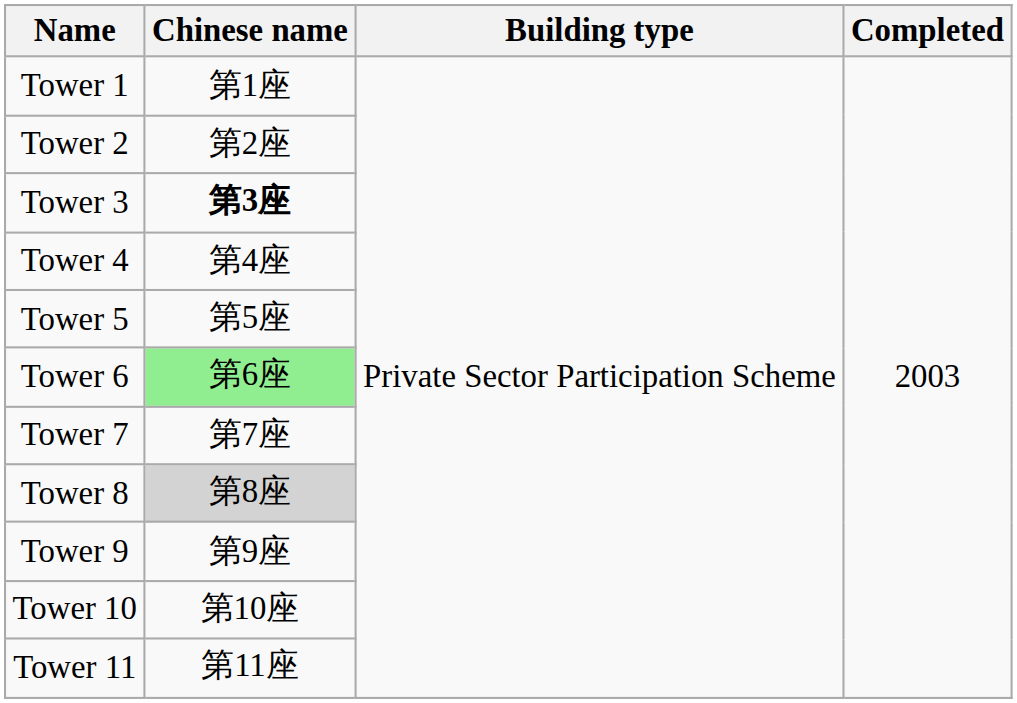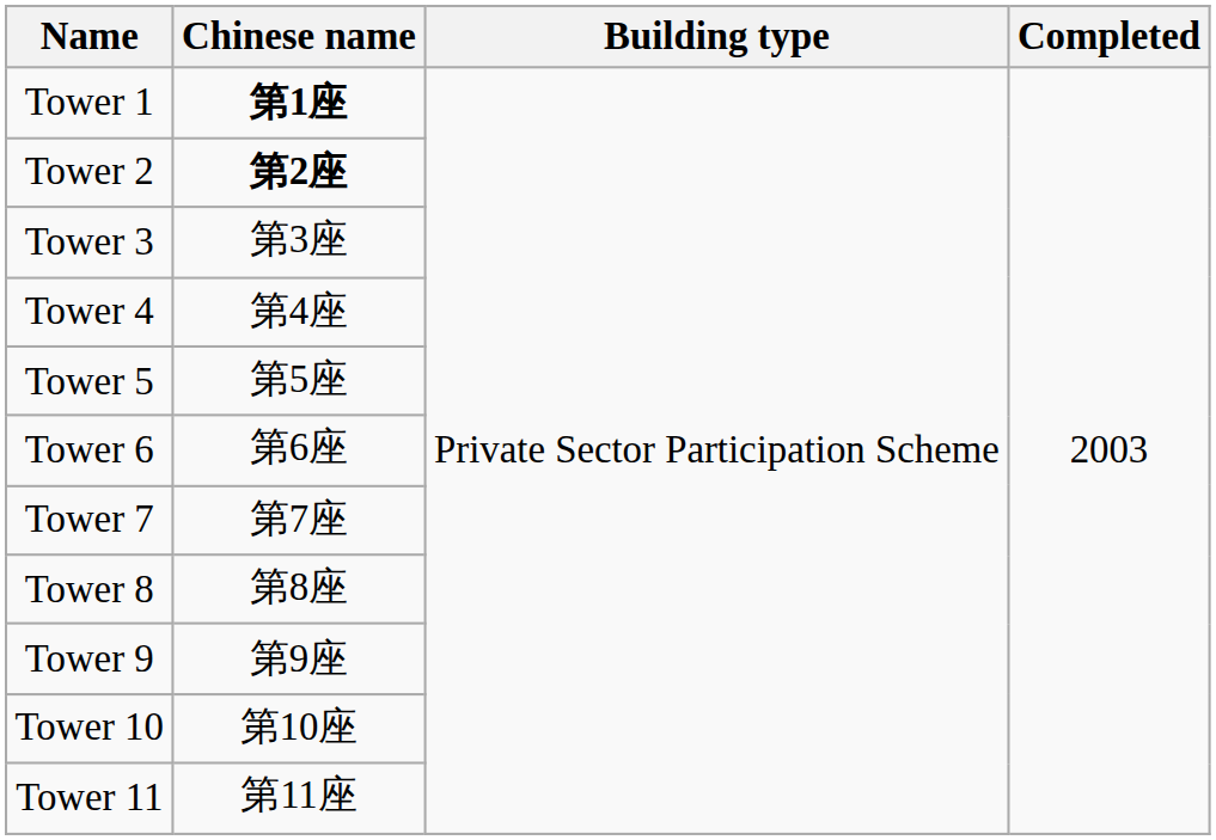 <table class="wikitable" style="text-align: center">
 <tr>
 <th>Name</th>
 <th>Chinese name</th>
 <th>Building type</th>
 <th>Completed</th>
 </tr>
 <tr>
 <td>Tower 1</td>
-<td>第1座</td>
+<td><strong>第1座</strong></td>
 <td rowspan="11">Private Sector Participation Scheme</td>
 <td rowspan="11">2003</td>
 </tr>
 <tr>
 <td>Tower 2</td>
-<td>第2座</td>
+<td><strong>第2座</strong></td>
 </tr>
 <tr>
 <td>Tower 3</td>
-<td><strong>第3座</strong></td>
+<td>第3座</td>
 </tr>
 <tr>
 <td>Tower 4</td>
 <td>第4座</td>
 </tr>
 <tr>
 <td>Tower 5</td>
 <td>第5座</td>
 </tr>
 <tr>
 <td>Tower 6</td>
-<td style="background: lightgreen;">第6座</td>
+<td>第6座</td>
 </tr>
 <tr>
 <td>Tower 7</td>
 <td>第7座</td>
 </tr>
 <tr>
 <td>Tower 8</td>
-<td style="background: lightgrey;">第8座</td>
+<td>第8座</td>
 </tr>
 <tr>
 <td>Tower 9</td>
 <td>第9座</td>
 </tr>
 <tr>
 <td>Tower 10</td>
 <td>第10座</td>
 </tr>
 <tr>
 <td>Tower 11</td>
 <td>第11座</td>
 </tr>
 </table>
